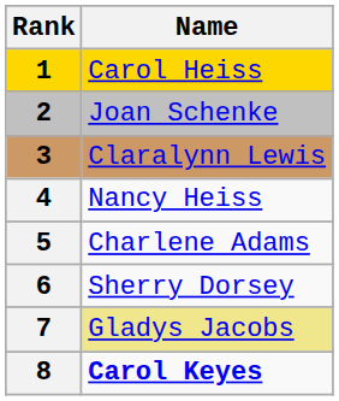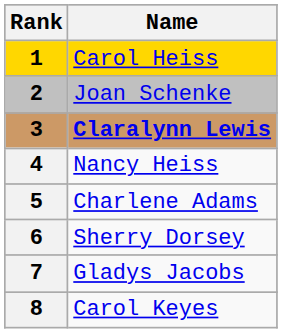 <table class="wikitable">
 <tr>
 <th>Rank</th>
 <th>Name</th>
 </tr>
 <tr bgcolor="gold">
 <td align="center"><strong>1</strong></td>
 <td><a href='#'>Carol Heiss</a></td>
 </tr>
 <tr bgcolor="silver">
 <td align="center"><strong>2</strong></td>
 <td><a href='#'>Joan Schenke</a></td>
 </tr>
 <tr bgcolor="cc9966">
 <td align="center"><strong>3</strong></td>
-<td><a href='#'>Claralynn Lewis</a></td>
+<td><strong><a href='#'>Claralynn Lewis</a></strong></td>
 </tr>
 <tr>
 <th>4</th>
 <td><a href='#'>Nancy Heiss</a></td>
 </tr>
 <tr>
 <th>5</th>
 <td><a href='#'>Charlene Adams</a></td>
 </tr>
 <tr>
 <th>6</th>
 <td><a href='#'>Sherry Dorsey</a></td>
 </tr>
 <tr>
 <th>7</th>
-<td style="background: khaki;"><a href='#'>Gladys Jacobs</a></td>
+<td><a href='#'>Gladys Jacobs</a></td>
 </tr>
 <tr>
 <th>8</th>
-<td><strong><a href='#'>Carol Keyes</a></strong></td>
+<td><a href='#'>Carol Keyes</a></td>
 </tr>
 </table>
